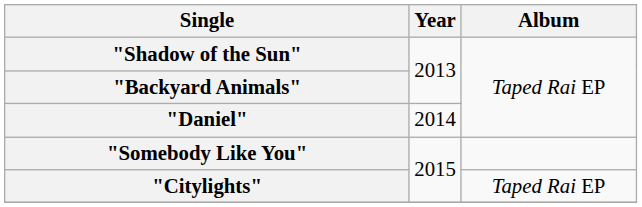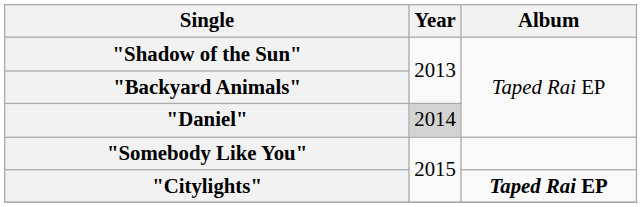 <table class="wikitable plainrowheaders" style="text-align:center;">
 <tr>
 <th scope="col" rowspan="1" style="width:19em;">Single</th>
 <th scope="col" rowspan="1" style="width:1em;">Year</th>
 <th scope="col" rowspan="1" style="width:8em;">Album</th>
 </tr>
 <tr>
 <th scope="row">"Shadow of the Sun"</th>
 <td rowspan="2">2013</td>
 <td rowspan="3"><em>Taped Rai</em> EP</td>
 </tr>
 <tr>
 <th scope="row">"Backyard Animals"</th>
 </tr>
 <tr>
 <th scope="row">"Daniel"</th>
-<td>2014</td>
+<td style="background: lightgrey;">2014</td>
 </tr>
 <tr>
 <th scope="row">"Somebody Like You"</th>
 <td rowspan="2">2015</td>
 <td></td>
 </tr>
 <tr>
 <th scope="row">"Citylights"</th>
-<td><em>Taped Rai</em> EP</td>
+<td><strong><em>Taped Rai</em> EP</strong></td>
 </tr>
 <tr>
 </tr>
 </table>
